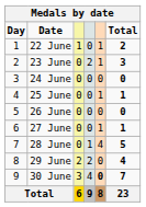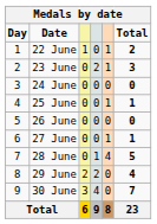 <table class=wikitable style=font-size:85%;float:right;text-align:center>
 <tr bgcolor=EFEFEF>
 <th colspan=6><strong>Medals by date</strong></th>
 </tr>
 <tr>
 <td><strong>Day</strong></td>
 <td><strong>Date</strong></td>
 <td bgcolor=F7F6A8></td>
 <td bgcolor=DCE5E5></td>
 <td bgcolor=FFDAB9></td>
 <td><strong>Total</strong></td>
 </tr>
 <tr>
 <td>1</td>
 <td>22 June</td>
 <td bgcolor=F7F6A8>1</td>
 <td bgcolor=DCE5E5>0</td>
 <td bgcolor=FFDAB9>1</td>
 <td><strong>2</strong></td>
 </tr>
 <tr>
 <td>2</td>
 <td>23 June</td>
 <td bgcolor=F7F6A8>0</td>
 <td bgcolor=DCE5E5>2</td>
 <td bgcolor=FFDAB9>1</td>
 <td><strong>3</strong></td>
 </tr>
 <tr>
 <td>3</td>
 <td>24 June</td>
 <td bgcolor=F7F6A8>0</td>
 <td bgcolor=DCE5E5>0</td>
 <td bgcolor=FFDAB9>0</td>
 <td><strong>0</strong></td>
 </tr>
 <tr>
 <td>4</td>
 <td>25 June</td>
 <td bgcolor=F7F6A8>0</td>
 <td bgcolor=DCE5E5>0</td>
 <td bgcolor=FFDAB9>1</td>
 <td><strong>1</strong></td>
 </tr>
 <tr>
 <td>5</td>
 <td>26 June</td>
 <td bgcolor=F7F6A8>0</td>
 <td bgcolor=DCE5E5>0</td>
 <td bgcolor=FFDAB9>0</td>
 <td><strong>0</strong></td>
 </tr>
 <tr>
 <td>6</td>
 <td>27 June</td>
 <td bgcolor=F7F6A8>0</td>
 <td bgcolor=DCE5E5>0</td>
 <td bgcolor=FFDAB9>1</td>
 <td><strong>1</strong></td>
 </tr>
 <tr>
 <td>7</td>
 <td>28 June</td>
 <td bgcolor=F7F6A8>0</td>
 <td bgcolor=DCE5E5>1</td>
 <td bgcolor=FFDAB9>4</td>
 <td><strong>5</strong></td>
 </tr>
 <tr>
 <td>8</td>
 <td>29 June</td>
 <td bgcolor=F7F6A8>2</td>
 <td bgcolor=DCE5E5>2</td>
 <td bgcolor=FFDAB9>0</td>
 <td><strong>4</strong></td>
 </tr>
 <tr>
 <td>9</td>
 <td>30 June</td>
 <td bgcolor=F7F6A8>3</td>
 <td bgcolor=DCE5E5>4</td>
-<td bgcolor=FFDAB9><strong>0</strong></td>
+<td bgcolor=FFDAB9>0</td>
 <td><strong>7</strong></td>
 </tr>
 <tr>
 <th colspan=2><strong>Total</strong></th>
 <th style="background:gold"><strong>6</strong></th>
 <th style="background:silver"><strong>9</strong></th>
 <th style="background:#c96"><strong>8</strong></th>
 <th><strong>23</strong></th>
 </tr>
 </table>
